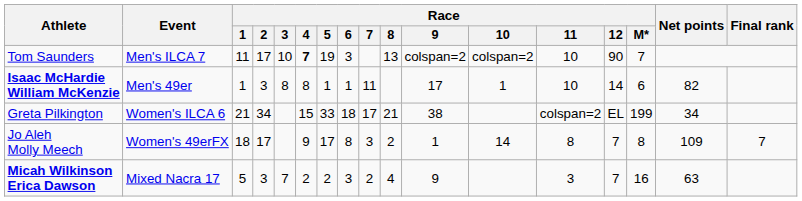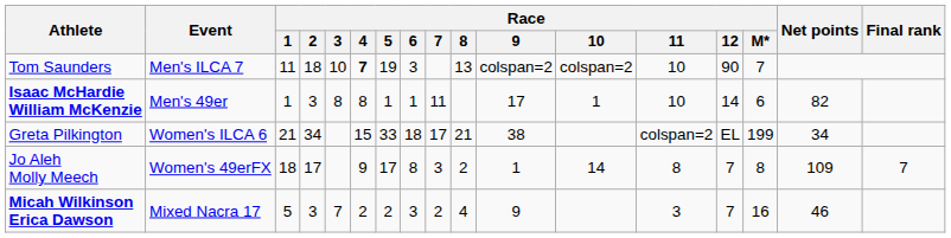 <table class=wikitable style=font-size:90%;text-align:center>
 <tr>
 <th rowspan=2>Athlete</th>
 <th rowspan=2>Event</th>
 <th colspan=13>Race</th>
 <th rowspan=2>Net points</th>
 <th rowspan=2>Final rank</th>
 </tr>
 <tr style=font-size:95%>
 <th>1</th>
 <th>2</th>
 <th>3</th>
 <th>4</th>
 <th>5</th>
 <th>6</th>
 <th>7</th>
 <th>8</th>
 <th>9</th>
 <th>10</th>
 <th>11</th>
 <th>12</th>
 <th>M*</th>
 </tr>
 <tr>
 <td align=left><a href='#'>Tom Saunders</a></td>
 <td align=left><a href='#'>Men's ILCA 7</a></td>
 <td>11</td>
-<td>17</td>
+<td>18</td>
 <td>10</td>
 <td><strong>7</strong></td>
 <td>19</td>
 <td>3</td>
 <td></td>
 <td>13</td>
 <td>colspan=2 </td>
 <td>colspan=2 </td>
 <td>10</td>
 <td>90</td>
 <td>7</td>
 </tr>
 <tr>
 <td align=left><strong><a href='#'>Isaac McHardie</a></strong><br><strong><a href='#'>William McKenzie</a></strong></td>
 <td align=left><a href='#'>Men's 49er</a></td>
 <td>1</td>
 <td>3</td>
 <td>8</td>
 <td>8</td>
 <td>1</td>
 <td>1</td>
 <td>11</td>
 <td></td>
 <td>17</td>
 <td>1</td>
 <td>10</td>
 <td>14</td>
 <td>6</td>
 <td>82</td>
 <td></td>
 </tr>
 <tr>
 <td align=left><a href='#'>Greta Pilkington</a></td>
 <td align=left><a href='#'>Women's ILCA 6</a></td>
 <td>21</td>
 <td>34</td>
 <td></td>
 <td>15</td>
 <td>33</td>
 <td>18</td>
 <td>17</td>
 <td>21</td>
 <td>38</td>
 <td></td>
 <td>colspan=2 </td>
 <td>EL</td>
 <td>199</td>
 <td>34</td>
 </tr>
 <tr>
 <td align=left><a href='#'>Jo Aleh</a><br><a href='#'>Molly Meech</a></td>
 <td align=left><a href='#'>Women's 49erFX</a></td>
 <td>18</td>
 <td>17</td>
 <td></td>
 <td>9</td>
 <td>17</td>
 <td>8</td>
 <td>3</td>
 <td>2</td>
 <td>1</td>
 <td>14</td>
 <td>8</td>
 <td>7</td>
 <td>8</td>
 <td>109</td>
 <td>7</td>
 </tr>
 <tr>
 <td align=left><strong><a href='#'>Micah Wilkinson</a></strong><br><strong><a href='#'>Erica Dawson</a></strong></td>
 <td align=left><a href='#'>Mixed Nacra 17</a></td>
 <td>5</td>
 <td>3</td>
 <td>7</td>
 <td>2</td>
 <td>2</td>
 <td>3</td>
 <td>2</td>
 <td>4</td>
 <td>9</td>
 <td></td>
 <td>3</td>
 <td>7</td>
 <td>16</td>
-<td>63</td>
+<td>46</td>
 <td></td>
 </tr>
 </table>
